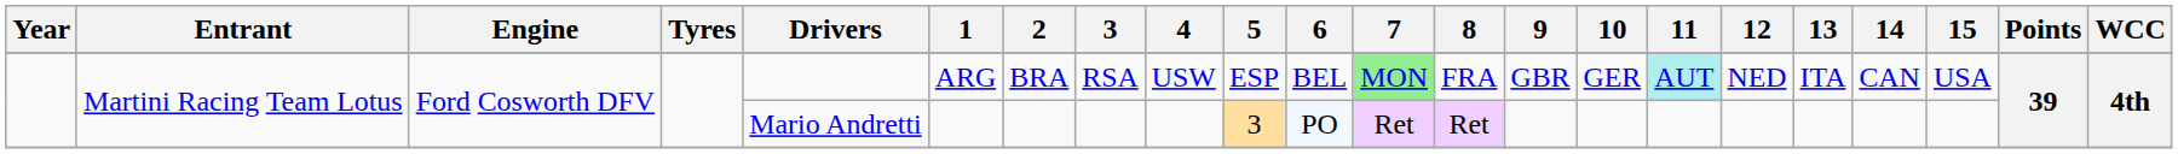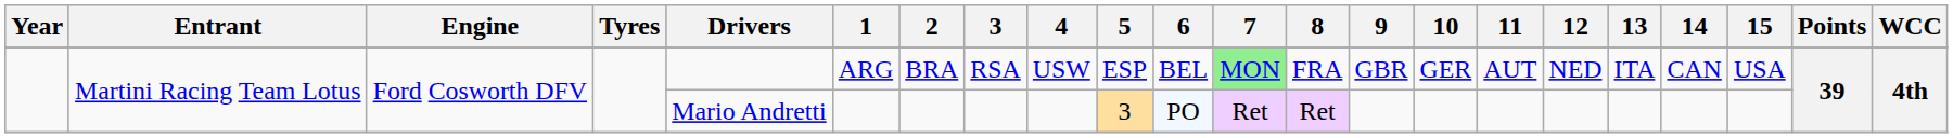 <table class="wikitable" style="text-align:center; font-size:95%">
 <tr>
 <th>Year</th>
 <th>Entrant</th>
 <th>Engine</th>
 <th>Tyres</th>
 <th>Drivers</th>
 <th>1</th>
 <th>2</th>
 <th>3</th>
 <th>4</th>
 <th>5</th>
 <th>6</th>
 <th>7</th>
 <th>8</th>
 <th>9</th>
 <th>10</th>
 <th>11</th>
 <th>12</th>
 <th>13</th>
 <th>14</th>
 <th>15</th>
 <th>Points</th>
 <th>WCC</th>
 </tr>
 <tr>
 </tr>
 <tr>
 <td rowspan="2"></td>
 <td rowspan="2"><a href='#'>Martini Racing</a> <a href='#'>Team Lotus</a></td>
 <td rowspan="2"><a href='#'>Ford</a> <a href='#'>Cosworth DFV</a></td>
 <td rowspan="2"></td>
 <td></td>
 <td><a href='#'>ARG</a></td>
 <td><a href='#'>BRA</a></td>
 <td><a href='#'>RSA</a></td>
 <td><a href='#'>USW</a></td>
 <td><a href='#'>ESP</a></td>
 <td><a href='#'>BEL</a></td>
 <td style="background: lightgreen;"><a href='#'>MON</a></td>
 <td><a href='#'>FRA</a></td>
 <td><a href='#'>GBR</a></td>
 <td><a href='#'>GER</a></td>
-<td style="background: paleturquoise;"><a href='#'>AUT</a></td>
+<td><a href='#'>AUT</a></td>
 <td><a href='#'>NED</a></td>
 <td><a href='#'>ITA</a></td>
 <td><a href='#'>CAN</a></td>
 <td><a href='#'>USA</a></td>
 <th rowspan="2">39</th>
 <th rowspan="2">4th</th>
 </tr>
 <tr>
 <td><a href='#'>Mario Andretti</a></td>
 <td></td>
 <td></td>
 <td></td>
 <td></td>
 <td style="background:#FFDF9F;">3</td>
 <td style="background:#F1F8FF;">PO</td>
 <td style="background:#EFCFFF;">Ret</td>
 <td style="background:#EFCFFF;">Ret</td>
 <td></td>
 <td></td>
 <td></td>
 <td></td>
 <td></td>
 <td></td>
 <td></td>
 </tr>
 <tr>
 </tr>
 </table>
